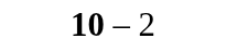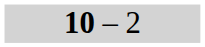 <table style="text-align:center">
 <tr>
 <th width=200></th>
 <th width=100></th>
 <th width=200></th>
 </tr>
 <tr>
 <td align=right><strong></strong></td>
-<td><strong>10</strong> – 2</td>
+<td style="background: lightgrey;"><strong>10</strong> – 2</td>
 <td align=left></td>
 </tr>
 </table>
